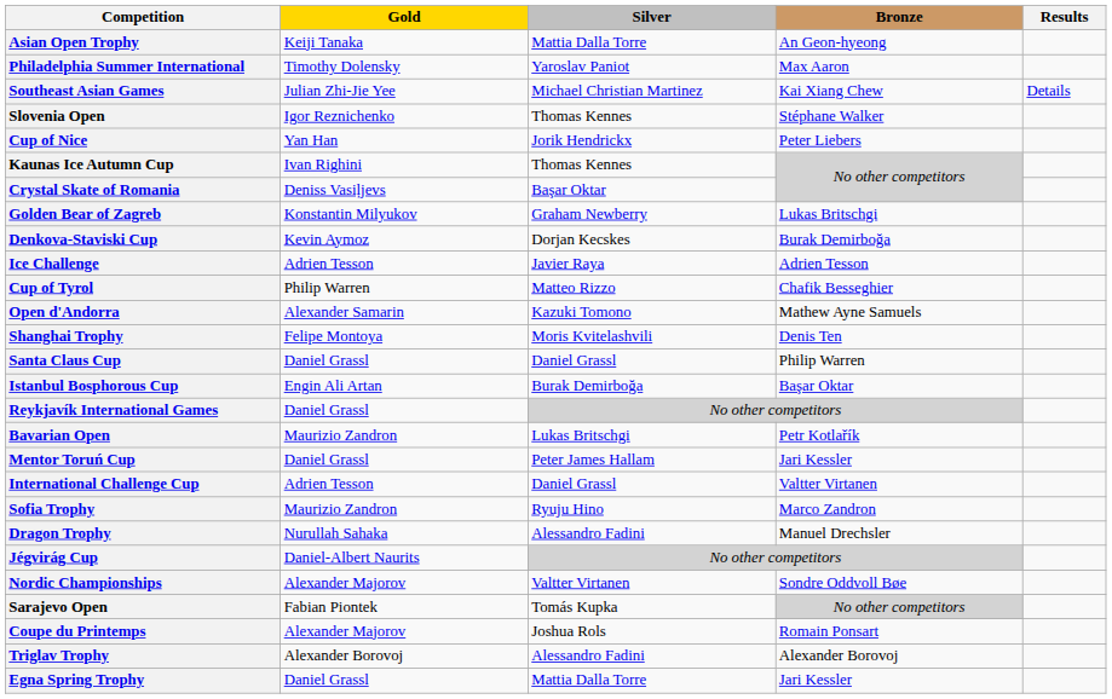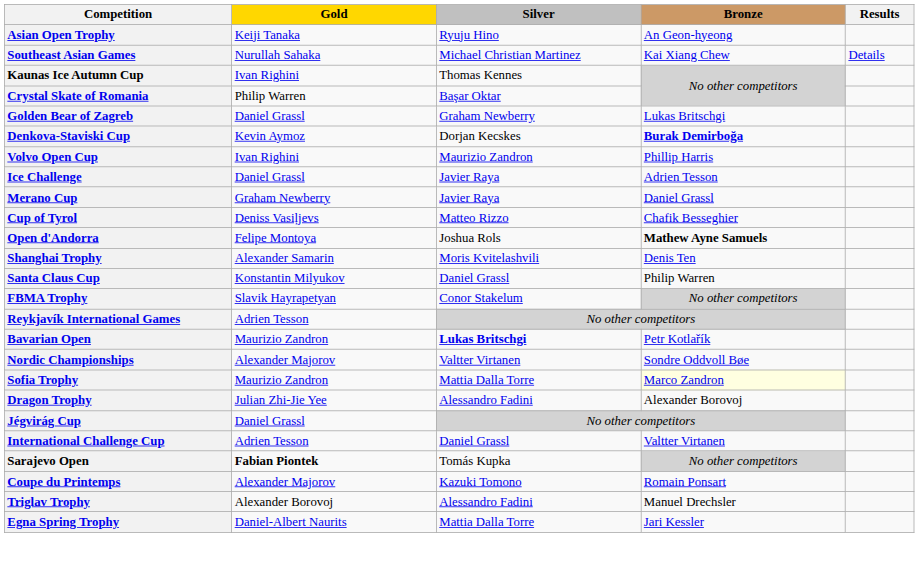 <table class="wikitable unsortable" style="text-align:left; width:90%;">
 <tr>
 <th scope="col" style="text-align:center; width:25%;">Competition</th>
 <td scope="col" style="text-align:center; width:22.5%; background:gold"><strong>Gold</strong></td>
 <td scope="col" style="text-align:center; width:22.5%; background:silver"><strong>Silver</strong></td>
 <td scope="col" style="text-align:center; width:22.5%; background:#c96"><strong>Bronze</strong></td>
 <th scope="col" style="text-align:center; width:7.5%;">Results</th>
 </tr>
 <tr>
 <th scope="row" style="text-align:left"> <a href='#'>Asian Open Trophy</a></th>
 <td> <a href='#'>Keiji Tanaka</a></td>
-<td> <a href='#'>Mattia Dalla Torre</a></td>
+<td> <a href='#'>Ryuju Hino</a></td>
 <td> <a href='#'>An Geon-hyeong</a></td>
 <td></td>
 </tr>
 <tr>
-<th scope="row" style="text-align:left"> <a href='#'>Philadelphia Summer International</a></th>
-<td> <a href='#'>Timothy Dolensky</a></td>
-<td> <a href='#'>Yaroslav Paniot</a></td>
-<td> <a href='#'>Max Aaron</a></td>
-<td></td>
-</tr>
-<tr>
 <th scope="row" style="text-align:left"> <a href='#'>Southeast Asian Games</a></th>
-<td> <a href='#'>Julian Zhi-Jie Yee</a></td>
+<td> <a href='#'>Nurullah Sahaka</a></td>
 <td> <a href='#'>Michael Christian Martinez</a></td>
 <td> <a href='#'>Kai Xiang Chew</a></td>
 <td><a href='#'>Details</a></td>
-</tr>
-<tr>
-<th scope="row" style="text-align:left"> Slovenia Open</th>
-<td> <a href='#'>Igor Reznichenko</a></td>
-<td> Thomas Kennes</td>
-<td> <a href='#'>Stéphane Walker</a></td>
-<td></td>
-</tr>
-<tr>
-<th scope="row" style="text-align:left"> <a href='#'>Cup of Nice</a></th>
-<td> <a href='#'>Yan Han</a></td>
-<td> <a href='#'>Jorik Hendrickx</a></td>
-<td> <a href='#'>Peter Liebers</a></td>
-<td></td>
 </tr>
 <tr>
 <th scope="row" style="text-align:left"> Kaunas Ice Autumn Cup</th>
 <td> <a href='#'>Ivan Righini</a></td>
 <td> Thomas Kennes</td>
 <td rowspan="2" align="center" bgcolor="lightgray"><em>No other competitors</em></td>
 <td></td>
 </tr>
 <tr>
 <th scope="row" style="text-align:left"> <a href='#'>Crystal Skate of Romania</a></th>
-<td> <a href='#'>Deniss Vasiļjevs</a></td>
+<td> Philip Warren</td>
 <td> <a href='#'>Başar Oktar</a></td>
 <td></td>
 </tr>
 <tr>
 <th scope="row" style="text-align:left"> <a href='#'>Golden Bear of Zagreb</a></th>
-<td>  <a href='#'>Konstantin Milyukov</a></td>
+<td> <a href='#'>Daniel Grassl</a></td>
 <td> <a href='#'>Graham Newberry</a></td>
 <td> <a href='#'>Lukas Britschgi</a></td>
 <td></td>
 </tr>
 <tr>
 <th scope="row" style="text-align:left"> <a href='#'>Denkova-Staviski Cup</a></th>
 <td> <a href='#'>Kevin Aymoz</a></td>
 <td> Dorjan Kecskes</td>
-<td> <a href='#'>Burak Demirboğa</a></td>
+<td><strong> <a href='#'>Burak Demirboğa</a></strong></td>
+<td></td>
+</tr>
+<tr>
+<th scope="row" style="text-align:left"> <a href='#'>Volvo Open Cup</a></th>
+<td> <a href='#'>Ivan Righini</a></td>
+<td> <a href='#'>Maurizio Zandron</a></td>
+<td> <a href='#'>Phillip Harris</a></td>
 <td></td>
 </tr>
 <tr>
 <th scope="row" style="text-align:left"> <a href='#'>Ice Challenge</a></th>
-<td> <a href='#'>Adrien Tesson</a></td>
+<td> <a href='#'>Daniel Grassl</a></td>
 <td> <a href='#'>Javier Raya</a></td>
 <td> <a href='#'>Adrien Tesson</a></td>
 <td></td>
 </tr>
 <tr>
+<th scope="row" style="text-align:left"> <a href='#'>Merano Cup</a></th>
+<td> <a href='#'>Graham Newberry</a></td>
+<td> <a href='#'>Javier Raya</a></td>
+<td>  <a href='#'>Daniel Grassl</a></td>
+<td></td>
+</tr>
+<tr>
 <th scope="row" style="text-align:left"> <a href='#'>Cup of Tyrol</a></th>
-<td> Philip Warren</td>
+<td> <a href='#'>Deniss Vasiļjevs</a></td>
 <td> <a href='#'>Matteo Rizzo</a></td>
 <td> <a href='#'>Chafik Besseghier</a></td>
 <td></td>
 </tr>
 <tr>
 <th scope="row" style="text-align:left"> <a href='#'>Open d'Andorra</a></th>
-<td> <a href='#'>Alexander Samarin</a></td>
-<td> <a href='#'>Kazuki Tomono</a></td>
-<td> Mathew Ayne Samuels</td>
+<td> <a href='#'>Felipe Montoya</a></td>
+<td> Joshua Rols</td>
+<td><strong> Mathew Ayne Samuels</strong></td>
 <td></td>
 </tr>
 <tr>
 <th scope="row" style="text-align:left"> <a href='#'>Shanghai Trophy</a></th>
-<td> <a href='#'>Felipe Montoya</a></td>
+<td> <a href='#'>Alexander Samarin</a></td>
 <td> <a href='#'>Moris Kvitelashvili</a></td>
 <td>  <a href='#'>Denis Ten</a></td>
 <td></td>
 </tr>
 <tr>
 <th scope="row" style="text-align:left"> <a href='#'>Santa Claus Cup</a></th>
-<td> <a href='#'>Daniel Grassl</a></td>
+<td>  <a href='#'>Konstantin Milyukov</a></td>
 <td>  <a href='#'>Daniel Grassl</a></td>
 <td>  Philip Warren</td>
 <td></td>
 </tr>
 <tr>
-<th scope="row" style="text-align:left"> <a href='#'>Istanbul Bosphorous Cup</a></th>
-<td> <a href='#'>Engin Ali Artan</a></td>
-<td> <a href='#'>Burak Demirboğa</a></td>
-<td> <a href='#'>Başar Oktar</a></td>
+<th scope="row" style="text-align:left"> <a href='#'>FBMA Trophy</a></th>
+<td> <a href='#'>Slavik Hayrapetyan</a></td>
+<td> <a href='#'>Conor Stakelum</a></td>
+<td align=center bgcolor="lightgray"><em>No other competitors</em></td>
 <td></td>
 </tr>
 <tr>
 <th scope="row" style="text-align:left"> <a href='#'>Reykjavík International Games</a></th>
-<td> <a href='#'>Daniel Grassl</a></td>
+<td> <a href='#'>Adrien Tesson</a></td>
 <td colspan=2 align=center bgcolor="lightgray"><em>No other competitors</em></td>
 <td></td>
 </tr>
 <tr>
 <th scope="row" style="text-align:left"> <a href='#'>Bavarian Open</a></th>
 <td> <a href='#'>Maurizio Zandron</a></td>
-<td> <a href='#'>Lukas Britschgi</a></td>
+<td><strong> <a href='#'>Lukas Britschgi</a></strong></td>
 <td> <a href='#'>Petr Kotlařík</a></td>
 <td></td>
 </tr>
 <tr>
-<th scope="row" style="text-align:left"> <a href='#'>Mentor Toruń Cup</a></th>
+<th scope="row" style="text-align:left"> <a href='#'>Nordic Championships</a></th>
+<td> <a href='#'>Alexander Majorov</a></td>
+<td> <a href='#'>Valtter Virtanen</a></td>
+<td> <a href='#'>Sondre Oddvoll Bøe</a></td>
+<td></td>
+</tr>
+<tr>
+<th scope="row" style="text-align:left"> <a href='#'>Sofia Trophy</a></th>
+<td> <a href='#'>Maurizio Zandron</a></td>
+<td> <a href='#'>Mattia Dalla Torre</a></td>
+<td style="background: lightyellow;"> <a href='#'>Marco Zandron</a></td>
+<td></td>
+</tr>
+<tr>
+<th scope="row" style="text-align:left"> <a href='#'>Dragon Trophy</a></th>
+<td> <a href='#'>Julian Zhi-Jie Yee</a></td>
+<td> <a href='#'>Alessandro Fadini</a></td>
+<td> Alexander Borovoj</td>
+<td></td>
+</tr>
+<tr>
+<th scope="row" style="text-align:left"> <a href='#'>Jégvirág Cup</a></th>
 <td> <a href='#'>Daniel Grassl</a></td>
-<td> <a href='#'>Peter James Hallam</a></td>
-<td> <a href='#'>Jari Kessler</a></td>
+<td colspan=2 align=center bgcolor="lightgray"><em>No other competitors</em></td>
 <td></td>
 </tr>
 <tr>
 <th scope="row" style="text-align:left"> <a href='#'>International Challenge Cup</a></th>
 <td> <a href='#'>Adrien Tesson</a></td>
 <td> <a href='#'>Daniel Grassl</a></td>
 <td> <a href='#'>Valtter Virtanen</a></td>
 <td></td>
 </tr>
 <tr>
-<th scope="row" style="text-align:left"> <a href='#'>Sofia Trophy</a></th>
-<td> <a href='#'>Maurizio Zandron</a></td>
-<td> <a href='#'>Ryuju Hino</a></td>
-<td> <a href='#'>Marco Zandron</a></td>
-<td></td>
-</tr>
-<tr>
-<th scope="row" style="text-align:left"> <a href='#'>Dragon Trophy</a></th>
-<td> <a href='#'>Nurullah Sahaka</a></td>
-<td> <a href='#'>Alessandro Fadini</a></td>
-<td> Manuel Drechsler</td>
-<td></td>
-</tr>
-<tr>
-<th scope="row" style="text-align:left"> <a href='#'>Jégvirág Cup</a></th>
-<td> <a href='#'>Daniel-Albert Naurits</a></td>
-<td colspan=2 align=center bgcolor="lightgray"><em>No other competitors</em></td>
-<td></td>
-</tr>
-<tr>
-<th scope="row" style="text-align:left"> <a href='#'>Nordic Championships</a></th>
-<td> <a href='#'>Alexander Majorov</a></td>
-<td> <a href='#'>Valtter Virtanen</a></td>
-<td> <a href='#'>Sondre Oddvoll Bøe</a></td>
-<td></td>
-</tr>
-<tr>
 <th scope="row" style="text-align:left"> Sarajevo Open</th>
-<td> Fabian Piontek</td>
+<td><strong> Fabian Piontek</strong></td>
 <td> Tomás Kupka</td>
 <td align="center" bgcolor="lightgray"><em>No other competitors</em></td>
 <td></td>
 </tr>
 <tr>
 <th scope="row" style="text-align:left"> <a href='#'>Coupe du Printemps</a></th>
 <td> <a href='#'>Alexander Majorov</a></td>
-<td> Joshua Rols</td>
+<td> <a href='#'>Kazuki Tomono</a></td>
 <td> <a href='#'>Romain Ponsart</a></td>
 <td></td>
 </tr>
 <tr>
 <th scope="row" style="text-align:left"> <a href='#'>Triglav Trophy</a></th>
 <td> Alexander Borovoj</td>
 <td> <a href='#'>Alessandro Fadini</a></td>
-<td> Alexander Borovoj</td>
+<td> Manuel Drechsler</td>
 <td></td>
 </tr>
 <tr>
 <th scope="row" style="text-align:left"> <a href='#'>Egna Spring Trophy</a></th>
-<td> <a href='#'>Daniel Grassl</a></td>
+<td> <a href='#'>Daniel-Albert Naurits</a></td>
 <td> <a href='#'>Mattia Dalla Torre</a></td>
 <td> <a href='#'>Jari Kessler</a></td>
 <td></td>
 </tr>
 </table>
